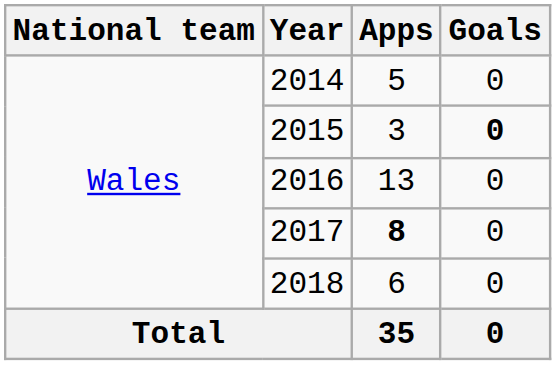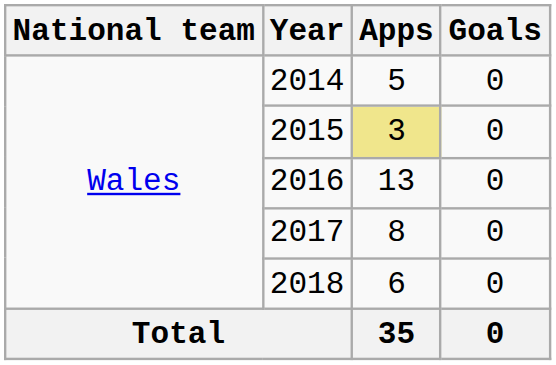 <table class=wikitable style="text-align:center">
 <tr>
 <th>National team</th>
 <th>Year</th>
 <th>Apps</th>
 <th>Goals</th>
 </tr>
 <tr>
 <td rowspan="5"><a href='#'>Wales</a></td>
 <td>2014</td>
 <td>5</td>
 <td>0</td>
 </tr>
 <tr>
 <td>2015</td>
-<td>3</td>
-<td><strong>0</strong></td>
+<td style="background: khaki;">3</td>
+<td>0</td>
 </tr>
 <tr>
 <td>2016</td>
 <td>13</td>
 <td>0</td>
 </tr>
 <tr>
 <td>2017</td>
-<td><strong>8</strong></td>
+<td>8</td>
 <td>0</td>
 </tr>
 <tr>
 <td>2018</td>
 <td>6</td>
 <td>0</td>
 </tr>
 <tr>
 <th colspan="2">Total</th>
 <th>35</th>
 <th>0</th>
 </tr>
 </table>
